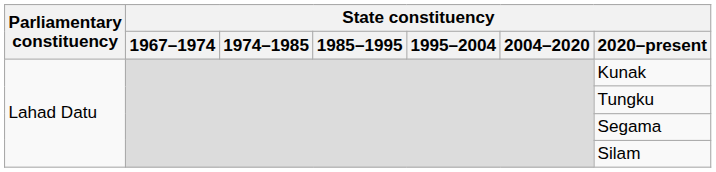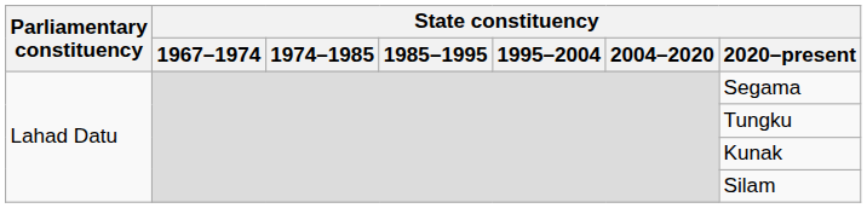 <table class=wikitable>
 <tr>
 <th rowspan=2>Parliamentary<br>constituency</th>
 <th colspan=6>State constituency</th>
 </tr>
 <tr>
 <th>1967–1974</th>
 <th>1974–1985</th>
 <th>1985–1995</th>
 <th>1995–2004</th>
 <th>2004–2020</th>
 <th>2020–present</th>
 </tr>
 <tr>
 <td rowspan=4>Lahad Datu</td>
 <td rowspan=4 colspan=5 bgcolor=dcdcdc></td>
-<td>Kunak</td>
+<td>Segama</td>
 </tr>
 <tr>
 <td>Tungku</td>
 </tr>
 <tr>
-<td>Segama</td>
+<td>Kunak</td>
 </tr>
 <tr>
 <td>Silam</td>
 </tr>
 </table>
